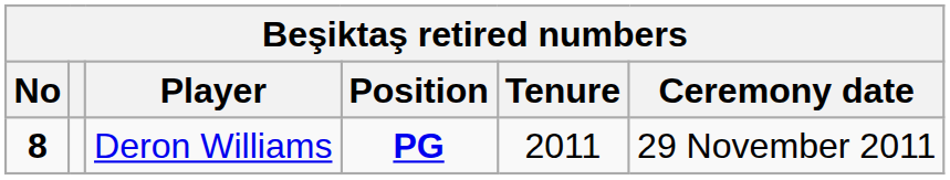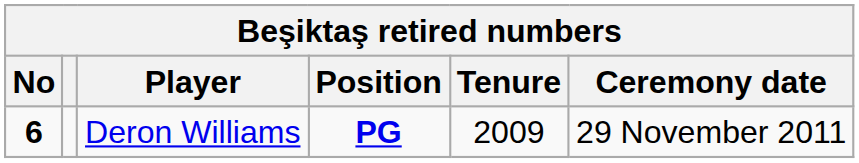 <table class="wikitable sortable" style="font-size:95%; text-align:center;">
 <tr>
 <th colspan=6>Beşiktaş retired numbers</th>
 </tr>
 <tr>
 <th>No</th>
 <th></th>
 <th>Player</th>
 <th>Position</th>
 <th>Tenure</th>
 <th>Ceremony date</th>
 </tr>
 <tr>
-<td><strong>8</strong></td>
+<td><strong>6</strong></td>
 <td></td>
 <td><a href='#'>Deron Williams</a></td>
 <td><strong><a href='#'>PG</a></strong></td>
-<td>2011</td>
+<td>2009</td>
 <td>29 November 2011</td>
 </tr>
 </table>
